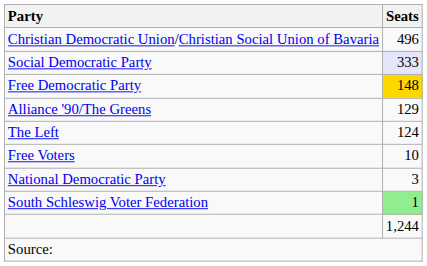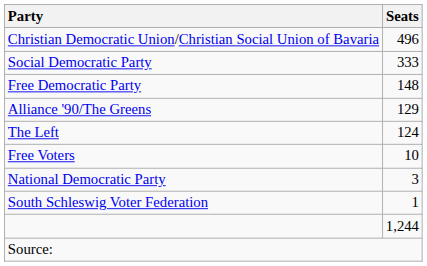 <table class="wikitable">
 <tr>
 <th style="text-align:left">Party</th>
 <th>Seats</th>
 </tr>
 <tr>
 <td><a href='#'>Christian Democratic Union</a>/<a href='#'>Christian Social Union of Bavaria</a></td>
 <td style="text-align:right">496</td>
 </tr>
 <tr>
 <td><a href='#'>Social Democratic Party</a></td>
-<td style="background: lavender; text-align:right">333</td>
+<td style="text-align:right">333</td>
 </tr>
 <tr>
 <td><a href='#'>Free Democratic Party</a></td>
-<td style="background: gold; text-align:right">148</td>
+<td style="text-align:right">148</td>
 </tr>
 <tr>
 <td><a href='#'>Alliance '90/The Greens</a></td>
 <td style="text-align:right">129</td>
 </tr>
 <tr>
 <td><a href='#'>The Left</a></td>
 <td style="text-align:right">124</td>
 </tr>
 <tr>
 <td><a href='#'>Free Voters</a></td>
 <td style="text-align:right">10</td>
 </tr>
 <tr>
 <td><a href='#'>National Democratic Party</a></td>
 <td style="text-align:right">3</td>
 </tr>
 <tr>
 <td><a href='#'>South Schleswig Voter Federation</a></td>
-<td style="background: lightgreen; text-align:right">1</td>
+<td style="text-align:right">1</td>
 </tr>
 <tr>
 <td> </td>
 <td style="text-align:right">1,244</td>
 </tr>
 <tr>
 <td colspan=2>Source: </td>
 </tr>
 </table>
